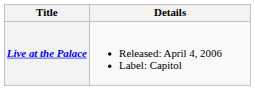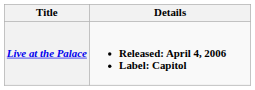 <table class="wikitable plainrowheaders">
 <tr>
 <th>Title</th>
 <th width="230">Details</th>
 </tr>
 <tr>
 <th scope="row"><em><a href='#'>Live at the Palace</a></em></th>
-<td><br><ul><li>Released: April 4, 2006</li><li>Label: Capitol</li></ul></td>
+<td><strong><br><ul><li>Released: April 4, 2006</li><li>Label: Capitol</li></ul></strong></td>
 </tr>
 </table>
